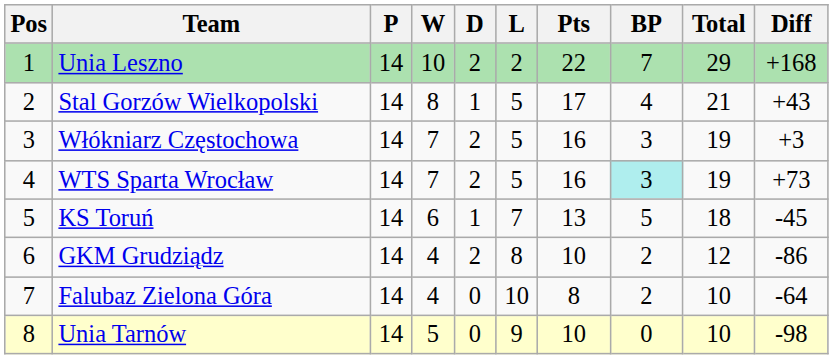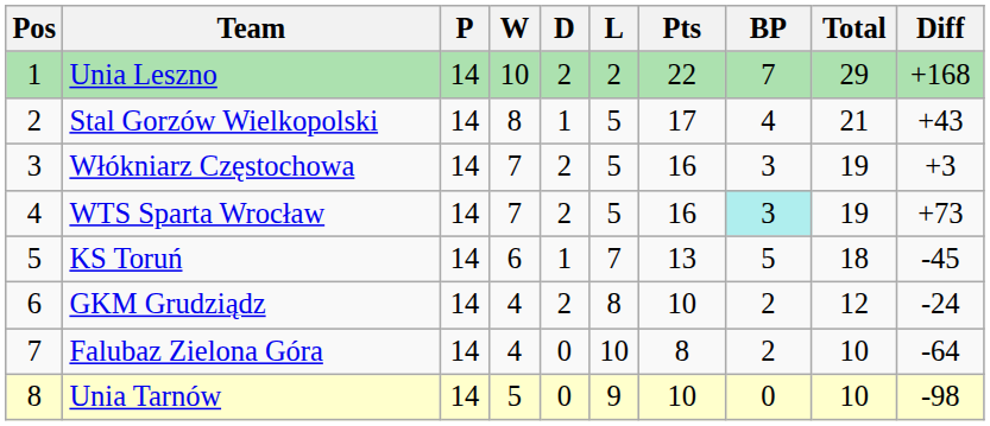 <table class="wikitable" style="font-size: 100%">
 <tr>
 <th width=20>Pos</th>
 <th width=200>Team</th>
 <th width=20>P</th>
 <th width=20>W</th>
 <th width=20>D</th>
 <th width=20>L</th>
 <th width=40>Pts</th>
 <th width=40>BP</th>
 <th width=40>Total</th>
 <th width=40>Diff</th>
 </tr>
 <tr align=center style="background:#ACE1AF;">
 <td>1</td>
 <td align="left"><a href='#'>Unia Leszno</a></td>
 <td>14</td>
 <td>10</td>
 <td>2</td>
 <td>2</td>
 <td>22</td>
 <td>7</td>
 <td>29</td>
 <td>+168</td>
 </tr>
 <tr align=center>
 <td>2</td>
 <td align="left"><a href='#'>Stal Gorzów Wielkopolski</a></td>
 <td>14</td>
 <td>8</td>
 <td>1</td>
 <td>5</td>
 <td>17</td>
 <td>4</td>
 <td>21</td>
 <td>+43</td>
 </tr>
 <tr align=center>
 <td>3</td>
 <td align="left"><a href='#'>Włókniarz Częstochowa</a></td>
 <td>14</td>
 <td>7</td>
 <td>2</td>
 <td>5</td>
 <td>16</td>
 <td>3</td>
 <td>19</td>
 <td>+3</td>
 </tr>
 <tr align=center>
 <td>4</td>
 <td align="left"><a href='#'>WTS Sparta Wrocław</a></td>
 <td>14</td>
 <td>7</td>
 <td>2</td>
 <td>5</td>
 <td>16</td>
 <td style="background: paleturquoise;">3</td>
 <td>19</td>
 <td>+73</td>
 </tr>
 <tr align=center>
 <td>5</td>
 <td align="left"><a href='#'>KS Toruń</a></td>
 <td>14</td>
 <td>6</td>
 <td>1</td>
 <td>7</td>
 <td>13</td>
 <td>5</td>
 <td>18</td>
 <td>-45</td>
 </tr>
 <tr align=center>
 <td>6</td>
 <td align="left"><a href='#'>GKM Grudziądz</a></td>
 <td>14</td>
 <td>4</td>
 <td>2</td>
 <td>8</td>
 <td>10</td>
 <td>2</td>
 <td>12</td>
-<td>-86</td>
+<td>-24</td>
 </tr>
 <tr align=center>
 <td>7</td>
 <td align="left"><a href='#'>Falubaz Zielona Góra</a></td>
 <td>14</td>
 <td>4</td>
 <td>0</td>
 <td>10</td>
 <td>8</td>
 <td>2</td>
 <td>10</td>
 <td>-64</td>
 </tr>
 <tr align=center style="background: #ffffcc;">
 <td>8</td>
 <td align="left"><a href='#'>Unia Tarnów</a></td>
 <td>14</td>
 <td>5</td>
 <td>0</td>
 <td>9</td>
 <td>10</td>
 <td>0</td>
 <td>10</td>
 <td>-98</td>
 </tr>
 </table>
